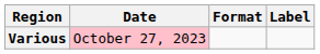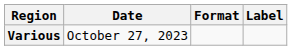 <table class="wikitable plainrowheaders">
 <tr>
 <th scope="col">Region</th>
 <th scope="col">Date</th>
 <th scope="col">Format</th>
 <th scope="col">Label</th>
 </tr>
 <tr>
 <th scope="row">Various</th>
-<td style="background: pink;">October 27, 2023</td>
+<td>October 27, 2023</td>
 <td rowspan="2"></td>
 <td></td>
 </tr>
 </table>
